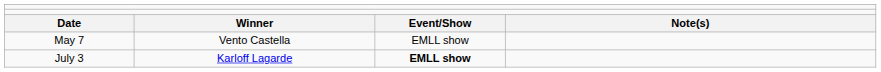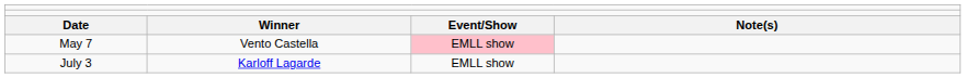 <table class="wikitable" style="text-align:center; width:100%;">
 <tr>
 <td colspan=5></td>
 </tr>
 <tr>
 <td colspan=5><strong></strong></td>
 </tr>
 <tr>
 <th width=14%>Date</th>
 <th width=26%>Winner</th>
 <th width=14%>Event/Show</th>
 <th width=40%>Note(s)</th>
 </tr>
 <tr>
 <td>May 7</td>
 <td>Vento Castella</td>
-<td>EMLL show</td>
+<td style="background: pink;">EMLL show</td>
 <td align=left></td>
 </tr>
 <tr>
 <td>July 3</td>
 <td><a href='#'>Karloff Lagarde</a></td>
-<td><strong>EMLL show</strong></td>
+<td>EMLL show</td>
 <td align=left></td>
 </tr>
 </table>
